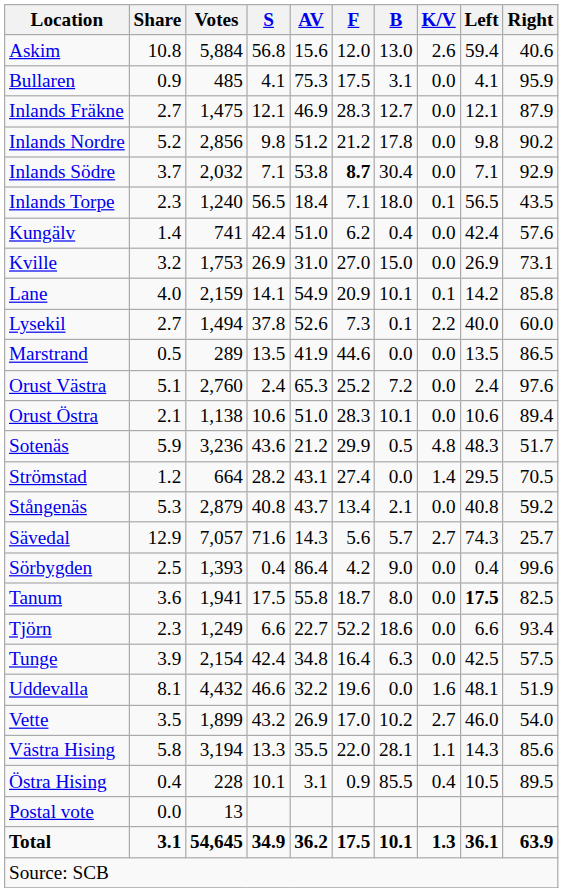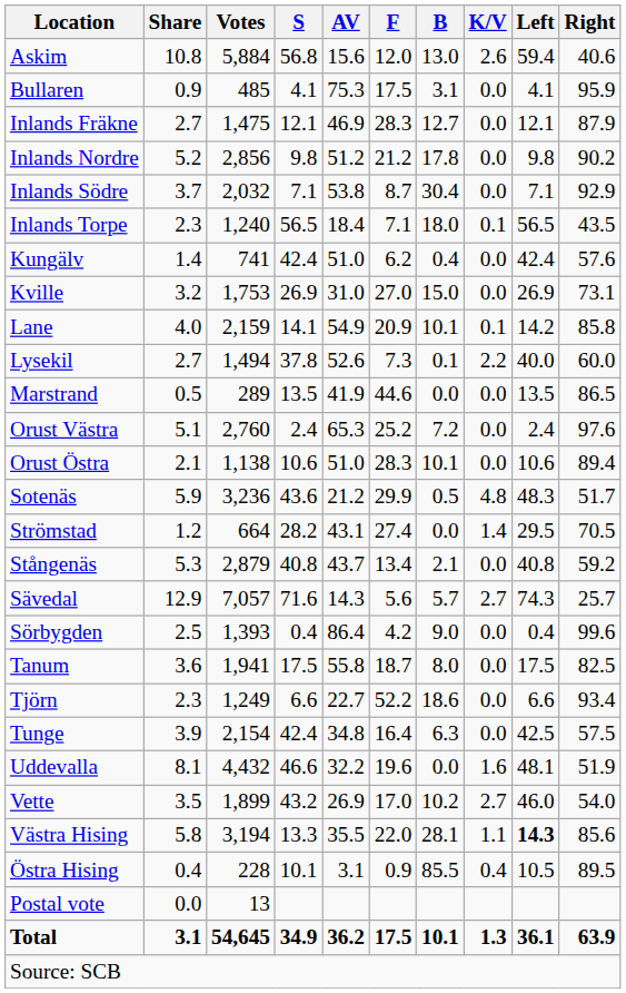 <table class="wikitable sortable" style=text-align:right>
 <tr>
 <th>Location</th>
 <th>Share</th>
 <th>Votes</th>
 <th><a href='#'>S</a></th>
 <th><a href='#'>AV</a></th>
 <th><a href='#'>F</a></th>
 <th><a href='#'>B</a></th>
 <th><a href='#'>K/V</a></th>
 <th>Left</th>
 <th>Right</th>
 </tr>
 <tr>
 <td align=left><a href='#'>Askim</a></td>
 <td>10.8</td>
 <td>5,884</td>
 <td>56.8</td>
 <td>15.6</td>
 <td>12.0</td>
 <td>13.0</td>
 <td>2.6</td>
 <td>59.4</td>
 <td>40.6</td>
 </tr>
 <tr>
 <td align=left><a href='#'>Bullaren</a></td>
 <td>0.9</td>
 <td>485</td>
 <td>4.1</td>
 <td>75.3</td>
 <td>17.5</td>
 <td>3.1</td>
 <td>0.0</td>
 <td>4.1</td>
 <td>95.9</td>
 </tr>
 <tr>
 <td align=left><a href='#'>Inlands Fräkne</a></td>
 <td>2.7</td>
 <td>1,475</td>
 <td>12.1</td>
 <td>46.9</td>
 <td>28.3</td>
 <td>12.7</td>
 <td>0.0</td>
 <td>12.1</td>
 <td>87.9</td>
 </tr>
 <tr>
 <td align=left><a href='#'>Inlands Nordre</a></td>
 <td>5.2</td>
 <td>2,856</td>
 <td>9.8</td>
 <td>51.2</td>
 <td>21.2</td>
 <td>17.8</td>
 <td>0.0</td>
 <td>9.8</td>
 <td>90.2</td>
 </tr>
 <tr>
 <td align=left><a href='#'>Inlands Södre</a></td>
 <td>3.7</td>
 <td>2,032</td>
 <td>7.1</td>
 <td>53.8</td>
-<td><strong>8.7</strong></td>
+<td>8.7</td>
 <td>30.4</td>
 <td>0.0</td>
 <td>7.1</td>
 <td>92.9</td>
 </tr>
 <tr>
 <td align=left><a href='#'>Inlands Torpe</a></td>
 <td>2.3</td>
 <td>1,240</td>
 <td>56.5</td>
 <td>18.4</td>
 <td>7.1</td>
 <td>18.0</td>
 <td>0.1</td>
 <td>56.5</td>
 <td>43.5</td>
 </tr>
 <tr>
 <td align=left><a href='#'>Kungälv</a></td>
 <td>1.4</td>
 <td>741</td>
 <td>42.4</td>
 <td>51.0</td>
 <td>6.2</td>
 <td>0.4</td>
 <td>0.0</td>
 <td>42.4</td>
 <td>57.6</td>
 </tr>
 <tr>
 <td align=left><a href='#'>Kville</a></td>
 <td>3.2</td>
 <td>1,753</td>
 <td>26.9</td>
 <td>31.0</td>
 <td>27.0</td>
 <td>15.0</td>
 <td>0.0</td>
 <td>26.9</td>
 <td>73.1</td>
 </tr>
 <tr>
 <td align=left><a href='#'>Lane</a></td>
 <td>4.0</td>
 <td>2,159</td>
 <td>14.1</td>
 <td>54.9</td>
 <td>20.9</td>
 <td>10.1</td>
 <td>0.1</td>
 <td>14.2</td>
 <td>85.8</td>
 </tr>
 <tr>
 <td align=left><a href='#'>Lysekil</a></td>
 <td>2.7</td>
 <td>1,494</td>
 <td>37.8</td>
 <td>52.6</td>
 <td>7.3</td>
 <td>0.1</td>
 <td>2.2</td>
 <td>40.0</td>
 <td>60.0</td>
 </tr>
 <tr>
 <td align=left><a href='#'>Marstrand</a></td>
 <td>0.5</td>
 <td>289</td>
 <td>13.5</td>
 <td>41.9</td>
 <td>44.6</td>
 <td>0.0</td>
 <td>0.0</td>
 <td>13.5</td>
 <td>86.5</td>
 </tr>
 <tr>
 <td align=left><a href='#'>Orust Västra</a></td>
 <td>5.1</td>
 <td>2,760</td>
 <td>2.4</td>
 <td>65.3</td>
 <td>25.2</td>
 <td>7.2</td>
 <td>0.0</td>
 <td>2.4</td>
 <td>97.6</td>
 </tr>
 <tr>
 <td align=left><a href='#'>Orust Östra</a></td>
 <td>2.1</td>
 <td>1,138</td>
 <td>10.6</td>
 <td>51.0</td>
 <td>28.3</td>
 <td>10.1</td>
 <td>0.0</td>
 <td>10.6</td>
 <td>89.4</td>
 </tr>
 <tr>
 <td align=left><a href='#'>Sotenäs</a></td>
 <td>5.9</td>
 <td>3,236</td>
 <td>43.6</td>
 <td>21.2</td>
 <td>29.9</td>
 <td>0.5</td>
 <td>4.8</td>
 <td>48.3</td>
 <td>51.7</td>
 </tr>
 <tr>
 <td align=left><a href='#'>Strömstad</a></td>
 <td>1.2</td>
 <td>664</td>
 <td>28.2</td>
 <td>43.1</td>
 <td>27.4</td>
 <td>0.0</td>
 <td>1.4</td>
 <td>29.5</td>
 <td>70.5</td>
 </tr>
 <tr>
 <td align=left><a href='#'>Stångenäs</a></td>
 <td>5.3</td>
 <td>2,879</td>
 <td>40.8</td>
 <td>43.7</td>
 <td>13.4</td>
 <td>2.1</td>
 <td>0.0</td>
 <td>40.8</td>
 <td>59.2</td>
 </tr>
 <tr>
 <td align=left><a href='#'>Sävedal</a></td>
 <td>12.9</td>
 <td>7,057</td>
 <td>71.6</td>
 <td>14.3</td>
 <td>5.6</td>
 <td>5.7</td>
 <td>2.7</td>
 <td>74.3</td>
 <td>25.7</td>
 </tr>
 <tr>
 <td align=left><a href='#'>Sörbygden</a></td>
 <td>2.5</td>
 <td>1,393</td>
 <td>0.4</td>
 <td>86.4</td>
 <td>4.2</td>
 <td>9.0</td>
 <td>0.0</td>
 <td>0.4</td>
 <td>99.6</td>
 </tr>
 <tr>
 <td align=left><a href='#'>Tanum</a></td>
 <td>3.6</td>
 <td>1,941</td>
 <td>17.5</td>
 <td>55.8</td>
 <td>18.7</td>
 <td>8.0</td>
 <td>0.0</td>
-<td><strong>17.5</strong></td>
+<td>17.5</td>
 <td>82.5</td>
 </tr>
 <tr>
 <td align=left><a href='#'>Tjörn</a></td>
 <td>2.3</td>
 <td>1,249</td>
 <td>6.6</td>
 <td>22.7</td>
 <td>52.2</td>
 <td>18.6</td>
 <td>0.0</td>
 <td>6.6</td>
 <td>93.4</td>
 </tr>
 <tr>
 <td align=left><a href='#'>Tunge</a></td>
 <td>3.9</td>
 <td>2,154</td>
 <td>42.4</td>
 <td>34.8</td>
 <td>16.4</td>
 <td>6.3</td>
 <td>0.0</td>
 <td>42.5</td>
 <td>57.5</td>
 </tr>
 <tr>
 <td align=left><a href='#'>Uddevalla</a></td>
 <td>8.1</td>
 <td>4,432</td>
 <td>46.6</td>
 <td>32.2</td>
 <td>19.6</td>
 <td>0.0</td>
 <td>1.6</td>
 <td>48.1</td>
 <td>51.9</td>
 </tr>
 <tr>
 <td align=left><a href='#'>Vette</a></td>
 <td>3.5</td>
 <td>1,899</td>
 <td>43.2</td>
 <td>26.9</td>
 <td>17.0</td>
 <td>10.2</td>
 <td>2.7</td>
 <td>46.0</td>
 <td>54.0</td>
 </tr>
 <tr>
 <td align=left><a href='#'>Västra Hising</a></td>
 <td>5.8</td>
 <td>3,194</td>
 <td>13.3</td>
 <td>35.5</td>
 <td>22.0</td>
 <td>28.1</td>
 <td>1.1</td>
-<td>14.3</td>
+<td><strong>14.3</strong></td>
 <td>85.6</td>
 </tr>
 <tr>
 <td align=left><a href='#'>Östra Hising</a></td>
 <td>0.4</td>
 <td>228</td>
 <td>10.1</td>
 <td>3.1</td>
 <td>0.9</td>
 <td>85.5</td>
 <td>0.4</td>
 <td>10.5</td>
 <td>89.5</td>
 </tr>
 <tr>
 <td align=left><a href='#'>Postal vote</a></td>
 <td>0.0</td>
 <td>13</td>
 <td></td>
 <td></td>
 <td></td>
 <td></td>
 <td></td>
 <td></td>
 <td></td>
 </tr>
 <tr>
 <td align=left><strong>Total</strong></td>
 <td><strong>3.1</strong></td>
 <td><strong>54,645</strong></td>
 <td><strong>34.9</strong></td>
 <td><strong>36.2</strong></td>
 <td><strong>17.5</strong></td>
 <td><strong>10.1</strong></td>
 <td><strong>1.3</strong></td>
 <td><strong>36.1</strong></td>
 <td><strong>63.9</strong></td>
 </tr>
 <tr>
 <td align=left colspan=10>Source: SCB </td>
 </tr>
 </table>
